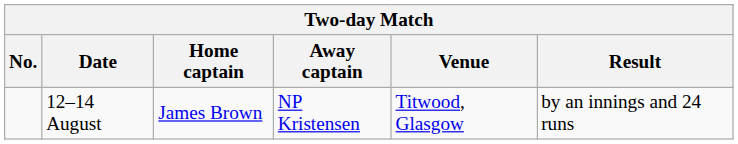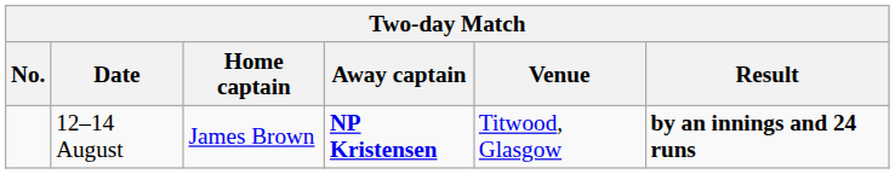 <table class="wikitable">
 <tr>
 <th colspan="9">Two-day Match</th>
 </tr>
 <tr>
 <th>No.</th>
 <th>Date</th>
 <th>Home captain</th>
 <th>Away captain</th>
 <th>Venue</th>
 <th>Result</th>
 </tr>
 <tr>
 <td></td>
 <td>12–14 August</td>
 <td><a href='#'>James Brown</a></td>
-<td><a href='#'>NP Kristensen</a></td>
+<td><strong><a href='#'>NP Kristensen</a></strong></td>
 <td><a href='#'>Titwood</a>, <a href='#'>Glasgow</a></td>
-<td> by an innings and 24 runs</td>
+<td><strong> by an innings and 24 runs</strong></td>
 </tr>
 </table>
